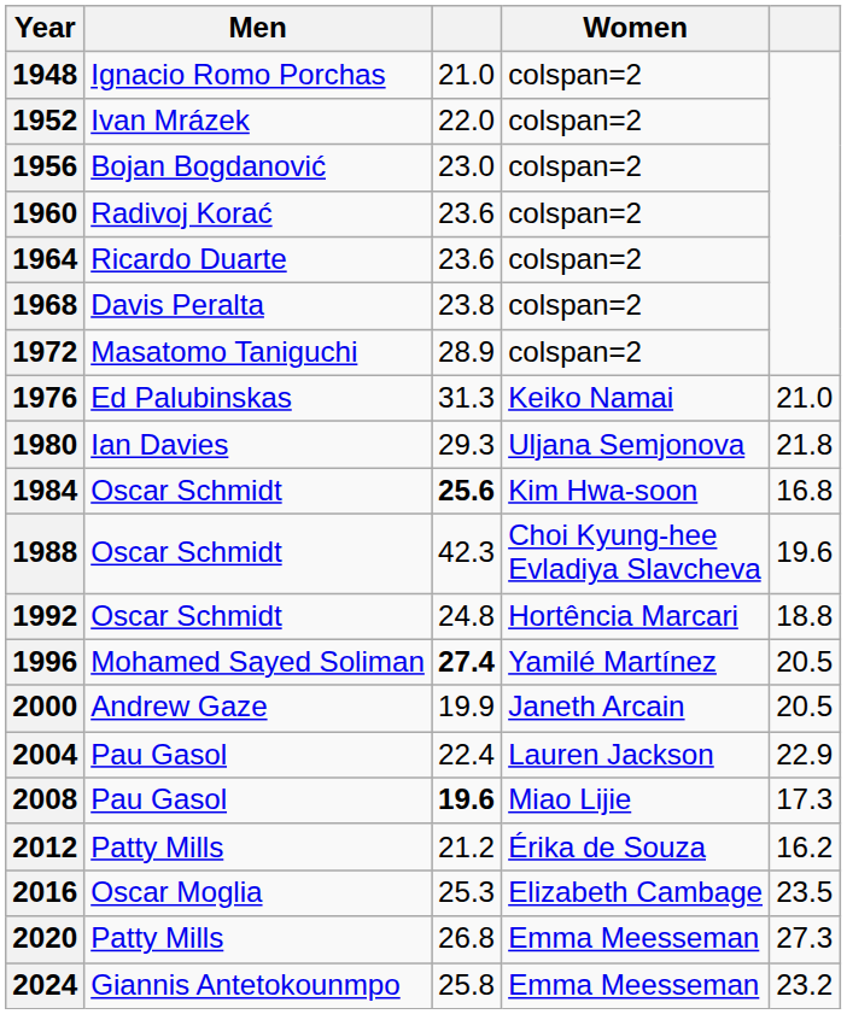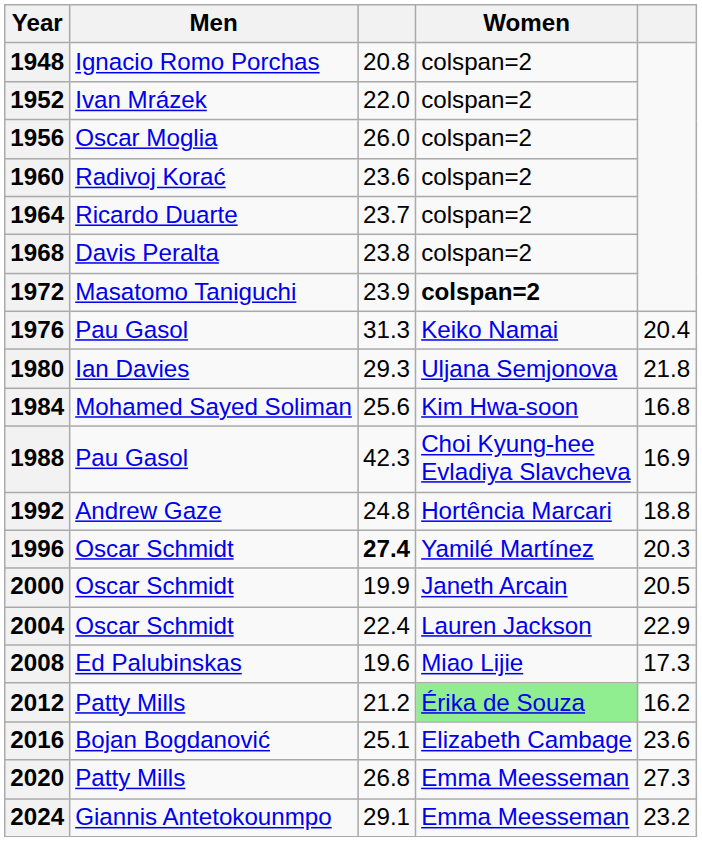 <table class="wikitable col3center col5center sticky-header">
 <tr>
 <th scope="col">Year</th>
 <th scope="col">Men</th>
 <th scope="col"></th>
 <th>Women</th>
 <th></th>
 </tr>
 <tr>
 <th scope="row">1948</th>
 <td> <a href='#'>Ignacio Romo Porchas</a></td>
-<td>21.0</td>
+<td>20.8</td>
 <td>colspan=2 </td>
 </tr>
 <tr>
 <th scope="row">1952</th>
 <td> <a href='#'>Ivan Mrázek</a></td>
 <td>22.0</td>
 <td>colspan=2 </td>
 </tr>
 <tr>
 <th scope="row">1956</th>
-<td> <a href='#'>Bojan Bogdanović</a></td>
-<td>23.0</td>
+<td> <a href='#'>Oscar Moglia</a></td>
+<td>26.0</td>
 <td>colspan=2 </td>
 </tr>
 <tr>
 <th scope="row">1960</th>
 <td> <a href='#'>Radivoj Korać</a></td>
 <td>23.6</td>
 <td>colspan=2 </td>
 </tr>
 <tr>
 <th scope="row">1964</th>
 <td> <a href='#'>Ricardo Duarte</a></td>
-<td>23.6</td>
+<td>23.7</td>
 <td>colspan=2 </td>
 </tr>
 <tr>
 <th scope="row">1968</th>
 <td> <a href='#'>Davis Peralta</a></td>
 <td>23.8</td>
 <td>colspan=2 </td>
 </tr>
 <tr>
 <th scope="row">1972</th>
 <td> <a href='#'>Masatomo Taniguchi</a></td>
-<td>28.9</td>
-<td>colspan=2 </td>
+<td>23.9</td>
+<td><strong>colspan=2 </strong></td>
 </tr>
 <tr>
 <th scope="row">1976</th>
-<td> <a href='#'>Ed Palubinskas</a></td>
+<td> <a href='#'>Pau Gasol</a></td>
 <td>31.3</td>
 <td> <a href='#'>Keiko Namai</a></td>
-<td>21.0</td>
+<td>20.4</td>
 </tr>
 <tr>
 <th scope="row">1980</th>
 <td> <a href='#'>Ian Davies</a></td>
 <td>29.3</td>
 <td> <a href='#'>Uljana Semjonova</a></td>
 <td>21.8</td>
 </tr>
 <tr>
 <th scope="row">1984</th>
-<td> <a href='#'>Oscar Schmidt</a></td>
-<td><strong>25.6</strong></td>
+<td> <a href='#'>Mohamed Sayed Soliman</a></td>
+<td>25.6</td>
 <td> <a href='#'>Kim Hwa-soon</a></td>
 <td>16.8</td>
 </tr>
 <tr>
 <th scope="row">1988</th>
-<td> <a href='#'>Oscar Schmidt</a></td>
+<td> <a href='#'>Pau Gasol</a></td>
 <td>42.3</td>
 <td> <a href='#'>Choi Kyung-hee</a><br> <a href='#'>Evladiya Slavcheva</a></td>
-<td>19.6</td>
+<td>16.9</td>
 </tr>
 <tr>
 <th scope="row">1992</th>
-<td> <a href='#'>Oscar Schmidt</a></td>
+<td> <a href='#'>Andrew Gaze</a></td>
 <td>24.8</td>
 <td> <a href='#'>Hortência Marcari</a></td>
 <td>18.8</td>
 </tr>
 <tr>
 <th scope="row">1996</th>
-<td> <a href='#'>Mohamed Sayed Soliman</a></td>
+<td> <a href='#'>Oscar Schmidt</a></td>
 <td><strong>27.4</strong></td>
 <td> <a href='#'>Yamilé Martínez</a></td>
-<td>20.5</td>
+<td>20.3</td>
 </tr>
 <tr>
 <th scope="row">2000</th>
-<td> <a href='#'>Andrew Gaze</a></td>
+<td> <a href='#'>Oscar Schmidt</a></td>
 <td>19.9</td>
 <td> <a href='#'>Janeth Arcain</a></td>
 <td>20.5</td>
 </tr>
 <tr>
 <th scope="row">2004</th>
-<td> <a href='#'>Pau Gasol</a></td>
+<td> <a href='#'>Oscar Schmidt</a></td>
 <td>22.4</td>
 <td> <a href='#'>Lauren Jackson</a></td>
 <td>22.9</td>
 </tr>
 <tr>
 <th scope="row">2008</th>
-<td> <a href='#'>Pau Gasol</a></td>
-<td><strong>19.6</strong></td>
+<td> <a href='#'>Ed Palubinskas</a></td>
+<td>19.6</td>
 <td> <a href='#'>Miao Lijie</a></td>
 <td>17.3</td>
 </tr>
 <tr>
 <th scope="row">2012</th>
 <td> <a href='#'>Patty Mills</a></td>
 <td>21.2</td>
-<td> <a href='#'>Érika de Souza</a></td>
+<td style="background: lightgreen;"> <a href='#'>Érika de Souza</a></td>
 <td>16.2</td>
 </tr>
 <tr>
 <th scope="row">2016</th>
-<td> <a href='#'>Oscar Moglia</a></td>
-<td>25.3</td>
+<td> <a href='#'>Bojan Bogdanović</a></td>
+<td>25.1</td>
 <td> <a href='#'>Elizabeth Cambage</a></td>
-<td>23.5</td>
+<td>23.6</td>
 </tr>
 <tr>
 <th scope="row">2020</th>
 <td> <a href='#'>Patty Mills</a></td>
 <td>26.8</td>
 <td> <a href='#'>Emma Meesseman</a></td>
 <td>27.3</td>
 </tr>
 <tr>
 <th scope="row">2024</th>
 <td> <a href='#'>Giannis Antetokounmpo</a></td>
-<td>25.8</td>
+<td>29.1</td>
 <td> <a href='#'>Emma Meesseman</a></td>
 <td>23.2</td>
 </tr>
 </table>
